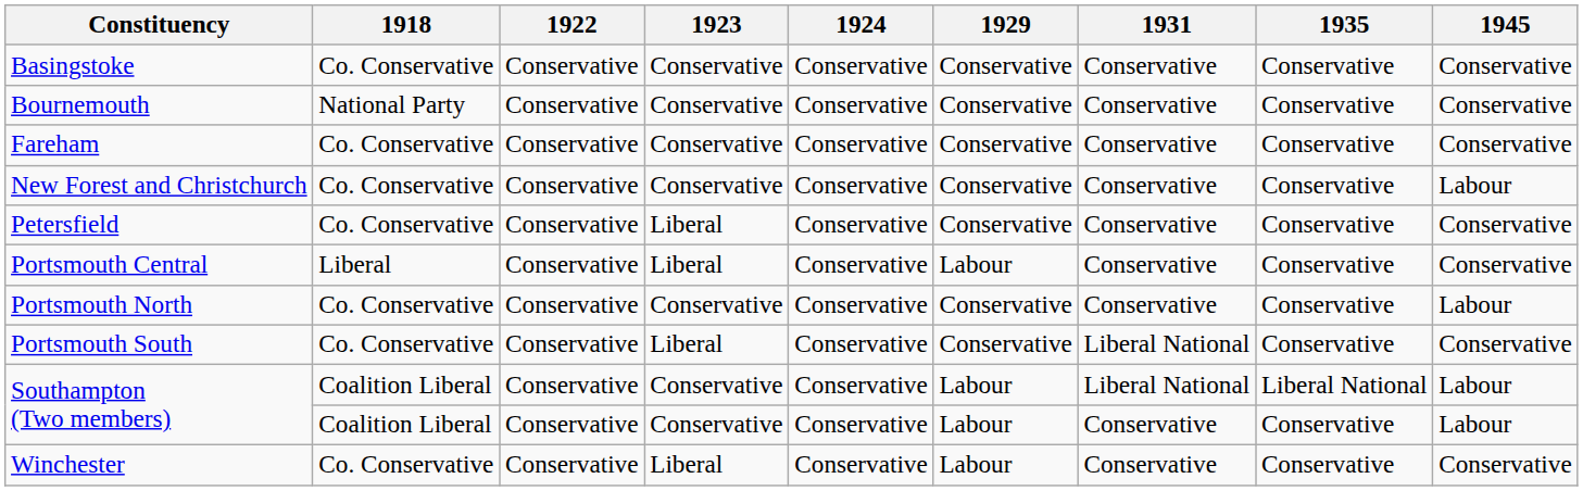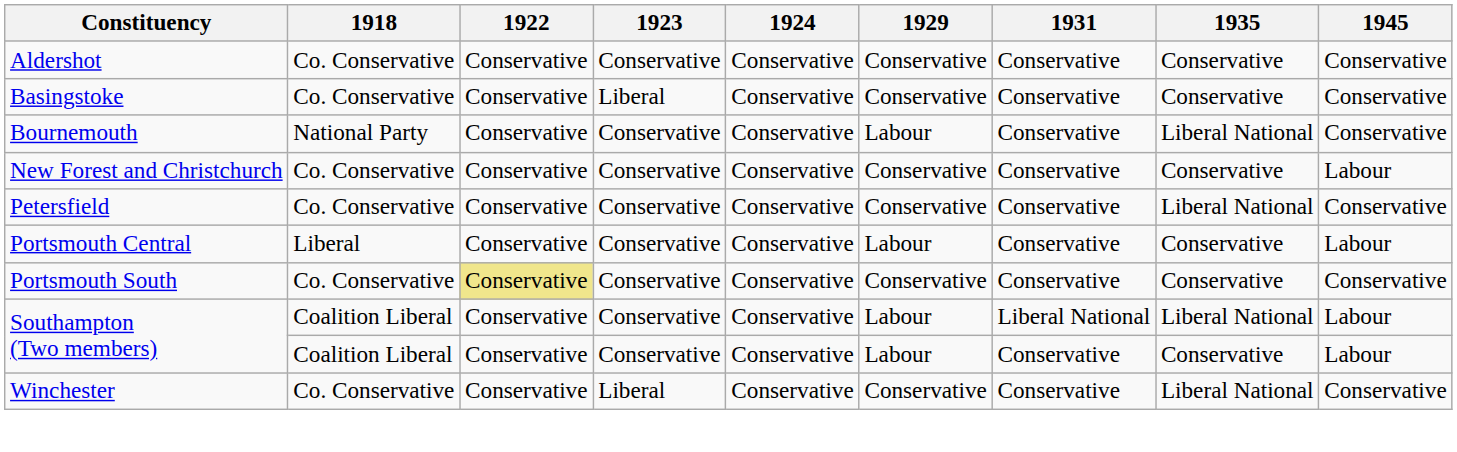 <table class="wikitable sortable">
 <tr>
 <th>Constituency</th>
 <th>1918</th>
 <th>1922</th>
 <th>1923</th>
 <th>1924</th>
 <th>1929</th>
 <th>1931</th>
 <th>1935</th>
 <th>1945</th>
 </tr>
 <tr>
+<td><a href='#'>Aldershot</a></td>
+<td bgcolor=>Co. Conservative</td>
+<td bgcolor=>Conservative</td>
+<td bgcolor=>Conservative</td>
+<td bgcolor=>Conservative</td>
+<td bgcolor=>Conservative</td>
+<td bgcolor=>Conservative</td>
+<td bgcolor=>Conservative</td>
+<td bgcolor=>Conservative</td>
+</tr>
+<tr>
 <td><a href='#'>Basingstoke</a></td>
 <td bgcolor=>Co. Conservative</td>
 <td bgcolor=>Conservative</td>
-<td bgcolor=>Conservative</td>
+<td bgcolor=>Liberal</td>
 <td bgcolor=>Conservative</td>
 <td bgcolor=>Conservative</td>
 <td bgcolor=>Conservative</td>
 <td bgcolor=>Conservative</td>
 <td bgcolor=>Conservative</td>
 </tr>
 <tr>
 <td><a href='#'>Bournemouth</a></td>
 <td bgcolor=>National Party</td>
 <td bgcolor=>Conservative</td>
 <td bgcolor=>Conservative</td>
 <td bgcolor=>Conservative</td>
+<td bgcolor=>Labour</td>
 <td bgcolor=>Conservative</td>
-<td bgcolor=>Conservative</td>
-<td bgcolor=>Conservative</td>
-<td bgcolor=>Conservative</td>
-</tr>
-<tr>
-<td><a href='#'>Fareham</a></td>
-<td bgcolor=>Co. Conservative</td>
-<td bgcolor=>Conservative</td>
-<td bgcolor=>Conservative</td>
-<td bgcolor=>Conservative</td>
-<td bgcolor=>Conservative</td>
-<td bgcolor=>Conservative</td>
-<td bgcolor=>Conservative</td>
+<td bgcolor=>Liberal National</td>
 <td bgcolor=>Conservative</td>
 </tr>
 <tr>
 <td><a href='#'>New Forest and Christchurch</a></td>
 <td bgcolor=>Co. Conservative</td>
 <td bgcolor=>Conservative</td>
 <td bgcolor=>Conservative</td>
 <td bgcolor=>Conservative</td>
 <td bgcolor=>Conservative</td>
 <td bgcolor=>Conservative</td>
 <td bgcolor=>Conservative</td>
 <td bgcolor=>Labour</td>
 </tr>
 <tr>
 <td><a href='#'>Petersfield</a></td>
 <td bgcolor=>Co. Conservative</td>
 <td bgcolor=>Conservative</td>
-<td bgcolor=>Liberal</td>
 <td bgcolor=>Conservative</td>
 <td bgcolor=>Conservative</td>
 <td bgcolor=>Conservative</td>
 <td bgcolor=>Conservative</td>
+<td bgcolor=>Liberal National</td>
 <td bgcolor=>Conservative</td>
 </tr>
 <tr>
 <td><a href='#'>Portsmouth Central</a></td>
 <td bgcolor=>Liberal</td>
 <td bgcolor=>Conservative</td>
-<td bgcolor=>Liberal</td>
+<td bgcolor=>Conservative</td>
 <td bgcolor=>Conservative</td>
 <td bgcolor=>Labour</td>
 <td bgcolor=>Conservative</td>
 <td bgcolor=>Conservative</td>
-<td bgcolor=>Conservative</td>
-</tr>
-<tr>
-<td><a href='#'>Portsmouth North</a></td>
-<td>Co. Conservative</td>
-<td>Conservative</td>
-<td>Conservative</td>
-<td>Conservative</td>
-<td>Conservative</td>
-<td>Conservative</td>
-<td>Conservative</td>
 <td bgcolor=>Labour</td>
 </tr>
 <tr>
 <td><a href='#'>Portsmouth South</a></td>
 <td>Co. Conservative</td>
-<td>Conservative</td>
-<td bgcolor=>Liberal</td>
+<td style="background: khaki;">Conservative</td>
 <td>Conservative</td>
 <td>Conservative</td>
-<td bgcolor=>Liberal National</td>
+<td>Conservative</td>
+<td>Conservative</td>
 <td>Conservative</td>
 <td bgcolor=>Conservative</td>
 </tr>
 <tr>
 <td rowspan="2"><a href='#'>Southampton</a><br><a href='#'>(Two members)</a></td>
 <td bgcolor=>Coalition Liberal</td>
 <td bgcolor=>Conservative</td>
 <td bgcolor=>Conservative</td>
 <td bgcolor=>Conservative</td>
 <td bgcolor=>Labour</td>
 <td bgcolor=>Liberal National</td>
 <td bgcolor=>Liberal National</td>
 <td bgcolor=>Labour</td>
 </tr>
 <tr>
 <td bgcolor=>Coalition Liberal</td>
 <td bgcolor=>Conservative</td>
 <td bgcolor=>Conservative</td>
 <td bgcolor=>Conservative</td>
 <td bgcolor=>Labour</td>
 <td bgcolor=>Conservative</td>
 <td bgcolor=>Conservative</td>
 <td bgcolor=>Labour</td>
 </tr>
 <tr>
 <td><a href='#'>Winchester</a></td>
 <td bgcolor=>Co. Conservative</td>
 <td bgcolor=>Conservative</td>
 <td bgcolor=>Liberal</td>
 <td bgcolor=>Conservative</td>
-<td bgcolor=>Labour</td>
 <td bgcolor=>Conservative</td>
 <td bgcolor=>Conservative</td>
+<td bgcolor=>Liberal National</td>
 <td bgcolor=>Conservative</td>
 </tr>
 </table>
